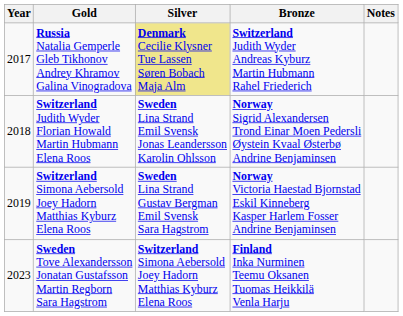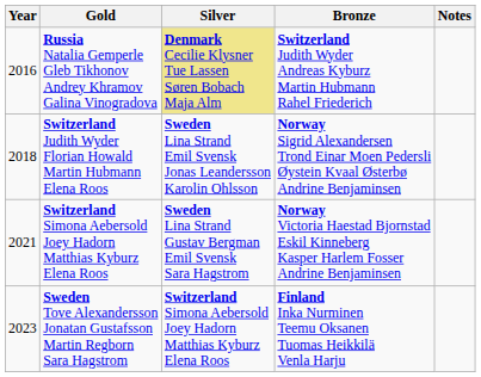 <table class="wikitable">
 <tr>
 <th>Year</th>
 <th>Gold</th>
 <th>Silver</th>
 <th>Bronze</th>
 <th>Notes</th>
 </tr>
 <tr>
-<td>2017</td>
+<td>2016</td>
 <td> <strong><a href='#'>Russia</a></strong><br><a href='#'>Natalia Gemperle</a><br><a href='#'>Gleb Tikhonov</a><br><a href='#'>Andrey Khramov</a><br><a href='#'>Galina Vinogradova</a></td>
 <td style="background: khaki;"> <strong><a href='#'>Denmark</a></strong><br><a href='#'>Cecilie Klysner</a><br><a href='#'>Tue Lassen</a><br><a href='#'>Søren Bobach</a><br><a href='#'>Maja Alm</a></td>
 <td> <strong><a href='#'>Switzerland</a></strong><br><a href='#'>Judith Wyder</a><br><a href='#'>Andreas Kyburz</a><br><a href='#'>Martin Hubmann</a><br><a href='#'>Rahel Friederich</a></td>
 <td></td>
 </tr>
 <tr>
 <td>2018</td>
 <td> <strong><a href='#'>Switzerland</a></strong><br><a href='#'>Judith Wyder</a><br><a href='#'>Florian Howald</a><br><a href='#'>Martin Hubmann</a><br><a href='#'>Elena Roos</a></td>
 <td> <strong><a href='#'>Sweden</a></strong><br><a href='#'>Lina Strand</a><br><a href='#'>Emil Svensk</a><br><a href='#'>Jonas Leandersson</a><br><a href='#'>Karolin Ohlsson</a></td>
 <td> <strong><a href='#'>Norway</a></strong><br><a href='#'>Sigrid Alexandersen</a><br><a href='#'>Trond Einar Moen Pedersli</a><br><a href='#'>Øystein Kvaal Østerbø</a><br><a href='#'>Andrine Benjaminsen</a></td>
 <td></td>
 </tr>
 <tr>
-<td>2019</td>
+<td>2021</td>
 <td> <strong><a href='#'>Switzerland</a></strong><br><a href='#'>Simona Aebersold</a><br><a href='#'>Joey Hadorn</a><br><a href='#'>Matthias Kyburz</a><br><a href='#'>Elena Roos</a></td>
 <td> <strong><a href='#'>Sweden</a></strong><br><a href='#'>Lina Strand</a><br><a href='#'>Gustav Bergman</a><br><a href='#'>Emil Svensk</a><br><a href='#'>Sara Hagstrom</a></td>
 <td> <strong><a href='#'>Norway</a></strong><br><a href='#'>Victoria Haestad Bjornstad</a><br><a href='#'>Eskil Kinneberg</a><br><a href='#'>Kasper Harlem Fosser</a><br><a href='#'>Andrine Benjaminsen</a></td>
 <td></td>
 </tr>
 <tr>
 <td>2023</td>
 <td> <strong><a href='#'>Sweden</a></strong><br><a href='#'>Tove Alexandersson</a><br><a href='#'>Jonatan Gustafsson</a><br><a href='#'>Martin Regborn</a><br><a href='#'>Sara Hagstrom</a></td>
 <td> <strong><a href='#'>Switzerland</a></strong><br><a href='#'>Simona Aebersold</a><br><a href='#'>Joey Hadorn</a><br><a href='#'>Matthias Kyburz</a><br><a href='#'>Elena Roos</a></td>
 <td> <strong><a href='#'>Finland</a></strong><br><a href='#'>Inka Nurminen</a><br><a href='#'>Teemu Oksanen</a><br><a href='#'>Tuomas Heikkilä</a><br><a href='#'>Venla Harju</a></td>
 <td></td>
 </tr>
 </table>
